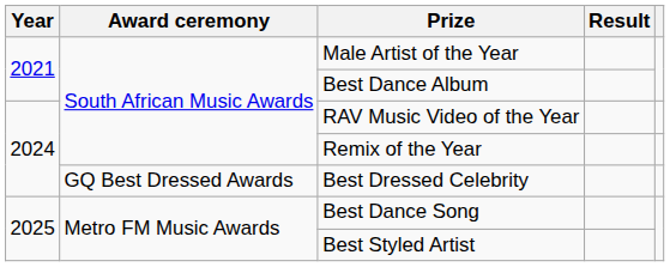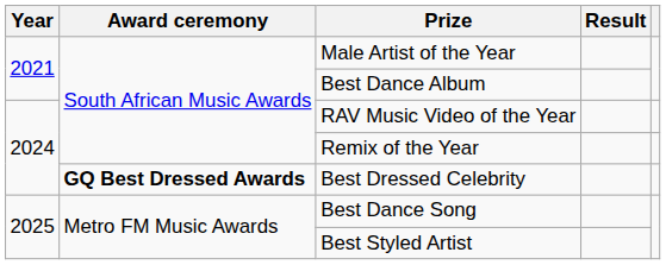 <table class ="wikitable">
 <tr>
 <th>Year</th>
 <th>Award ceremony</th>
 <th>Prize</th>
 <th>Result</th>
 <th></th>
 </tr>
 <tr>
 <td rowspan="2"><a href='#'>2021</a></td>
 <td rowspan="4"><a href='#'>South African Music Awards</a></td>
 <td>Male Artist of the Year</td>
 <td></td>
 <td rowspan=2></td>
 </tr>
 <tr>
 <td>Best Dance Album</td>
 <td></td>
 </tr>
 <tr>
 <td rowspan=3>2024</td>
 <td>RAV Music Video of the Year</td>
 <td></td>
 <td></td>
 </tr>
 <tr>
 <td>Remix of the Year</td>
 <td></td>
 <td></td>
 </tr>
 <tr>
-<td>GQ Best Dressed Awards</td>
+<td><strong>GQ Best Dressed Awards</strong></td>
 <td>Best Dressed Celebrity</td>
 <td></td>
 <td></td>
 </tr>
 <tr>
 <td rowspan=2>2025</td>
 <td rowspan=2>Metro FM Music Awards</td>
 <td>Best Dance Song</td>
 <td></td>
 <td rowspan=2></td>
 </tr>
 <tr>
 <td>Best Styled Artist</td>
 <td></td>
 </tr>
 </table>
